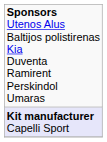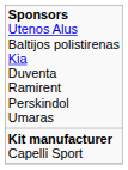 <table class="wikitable">
 <tr>
 <td><strong>Sponsors</strong><br> <a href='#'>Utenos Alus</a> <br>  Baltijos polistirenas <br>  <a href='#'>Kia</a> <br>  Duventa  <br>  Ramirent  <br>  Perskindol  <br>  Umaras</td>
 </tr>
 <tr>
-<td style="background: lavender;"><strong>Kit manufacturer</strong><br> Capelli Sport</td>
+<td><strong>Kit manufacturer</strong><br> Capelli Sport</td>
 </tr>
 <tr>
 </tr>
 </table>
